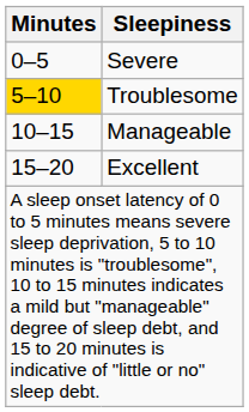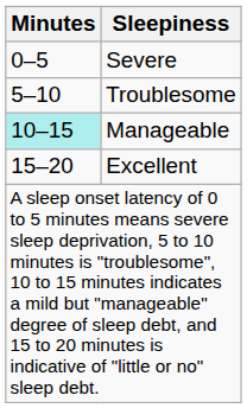 <table class="wikitable" align="right" style="margin: 1em 1em ">
 <tr>
 <th>Minutes</th>
 <th>Sleepiness</th>
 </tr>
 <tr>
 <td>0–5</td>
 <td>Severe</td>
 </tr>
 <tr>
-<td style="background: gold;">5–10</td>
+<td>5–10</td>
 <td>Troublesome</td>
 </tr>
 <tr>
-<td>10–15</td>
+<td style="background: paleturquoise;">10–15</td>
 <td>Manageable</td>
 </tr>
 <tr>
 <td>15–20</td>
 <td>Excellent</td>
 </tr>
 <tr class="sortbottom" style="font-size:small;">
 <td colspan="5" style="width: 1px;">A sleep onset latency of 0 to 5 minutes means severe sleep deprivation, 5 to 10 minutes is "troublesome", 10 to 15 minutes indicates a mild but "manageable" degree of sleep debt, and 15 to 20 minutes is indicative of "little or no" sleep debt.</td>
 </tr>
 </table>
